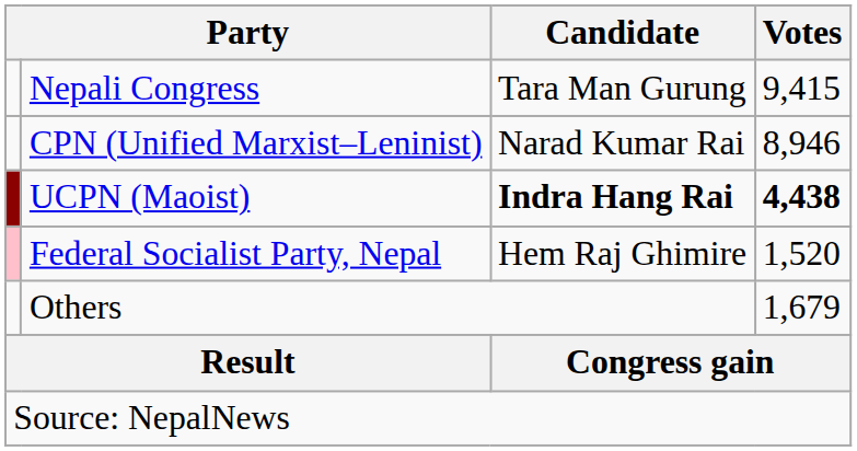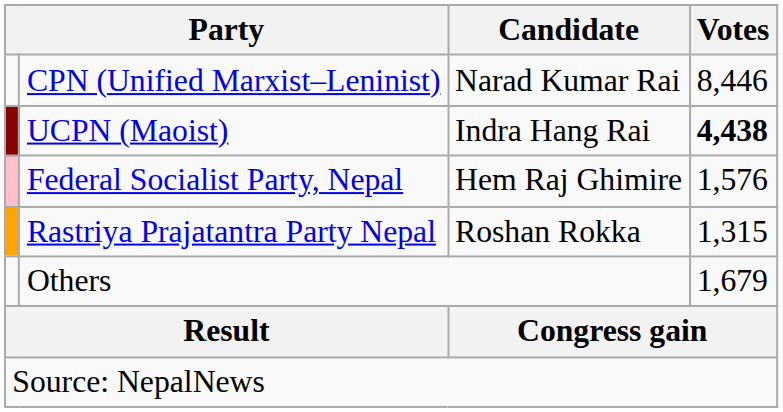 <table class="wikitable">
 <tr>
 <th colspan="2">Party</th>
 <th>Candidate</th>
 <th>Votes</th>
 </tr>
 <tr>
 <td style="background-color:"></td>
-<td><a href='#'>Nepali Congress</a></td>
-<td>Tara Man Gurung</td>
-<td>9,415</td>
-</tr>
-<tr>
-<td style="background-color:"></td>
 <td><a href='#'>CPN (Unified Marxist–Leninist)</a></td>
 <td>Narad Kumar Rai</td>
-<td>8,946</td>
+<td>8,446</td>
 </tr>
 <tr>
 <td style="background-color:darkred"></td>
 <td><a href='#'>UCPN (Maoist)</a></td>
-<td><strong>Indra Hang Rai</strong></td>
+<td>Indra Hang Rai</td>
 <td><strong>4,438</strong></td>
 </tr>
 <tr>
 <td style="background-color:#ffc0cb"></td>
 <td><a href='#'>Federal Socialist Party, Nepal</a></td>
 <td>Hem Raj Ghimire</td>
-<td>1,520</td>
+<td>1,576</td>
+</tr>
+<tr>
+<td style="background-color:orange"></td>
+<td><a href='#'>Rastriya Prajatantra Party Nepal</a></td>
+<td>Roshan Rokka</td>
+<td>1,315</td>
 </tr>
 <tr>
 <td></td>
 <td colspan="2">Others</td>
 <td>1,679</td>
 </tr>
 <tr>
 <th colspan="2">Result</th>
 <th colspan="2">Congress gain</th>
 </tr>
 <tr>
 <td colspan="4">Source: NepalNews</td>
 </tr>
 </table>
